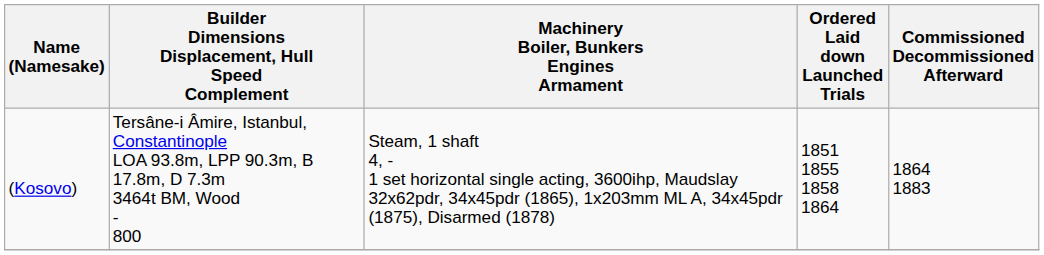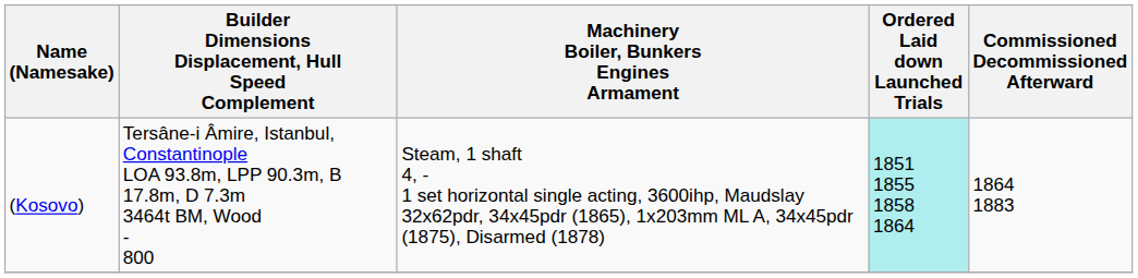 <table class="wikitable" style="font-size:90%;">
 <tr bgcolor="#e6e9ff">
 <th>Name<br>(Namesake)</th>
 <th>Builder<br>Dimensions<br>Displacement, Hull<br>Speed<br>Complement</th>
 <th>Machinery<br>Boiler, Bunkers<br>Engines<br>Armament</th>
 <th>Ordered<br>Laid down<br>Launched<br>Trials</th>
 <th>Commissioned<br>Decommissioned<br>Afterward</th>
 </tr>
 <tr ---->
 <td><br>(<a href='#'>Kosovo</a>)</td>
 <td> Tersâne-i Âmire, Istanbul, <a href='#'>Constantinople</a><br>LOA 93.8m, LPP 90.3m, B 17.8m, D 7.3m<br>3464t BM, Wood<br>-<br>800</td>
 <td>Steam, 1 shaft<br>4, -<br>1 set horizontal single acting, 3600ihp, Maudslay<br>32x62pdr, 34x45pdr (1865), 1x203mm ML A, 34x45pdr (1875), Disarmed (1878)</td>
-<td>1851<br>1855<br>1858<br>1864</td>
+<td style="background: paleturquoise;">1851<br>1855<br>1858<br>1864</td>
 <td>1864<br>1883</td>
 </tr>
 <tr ---->
 </tr>
 </table>
